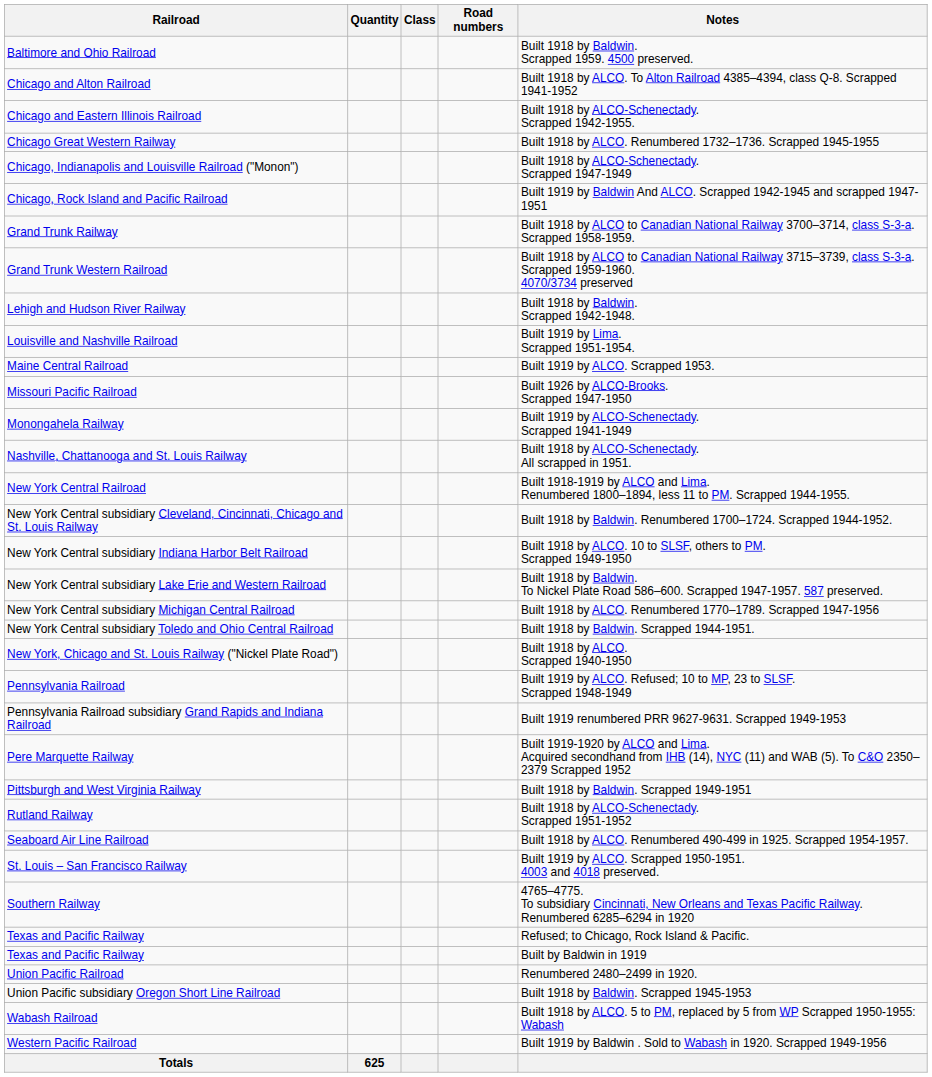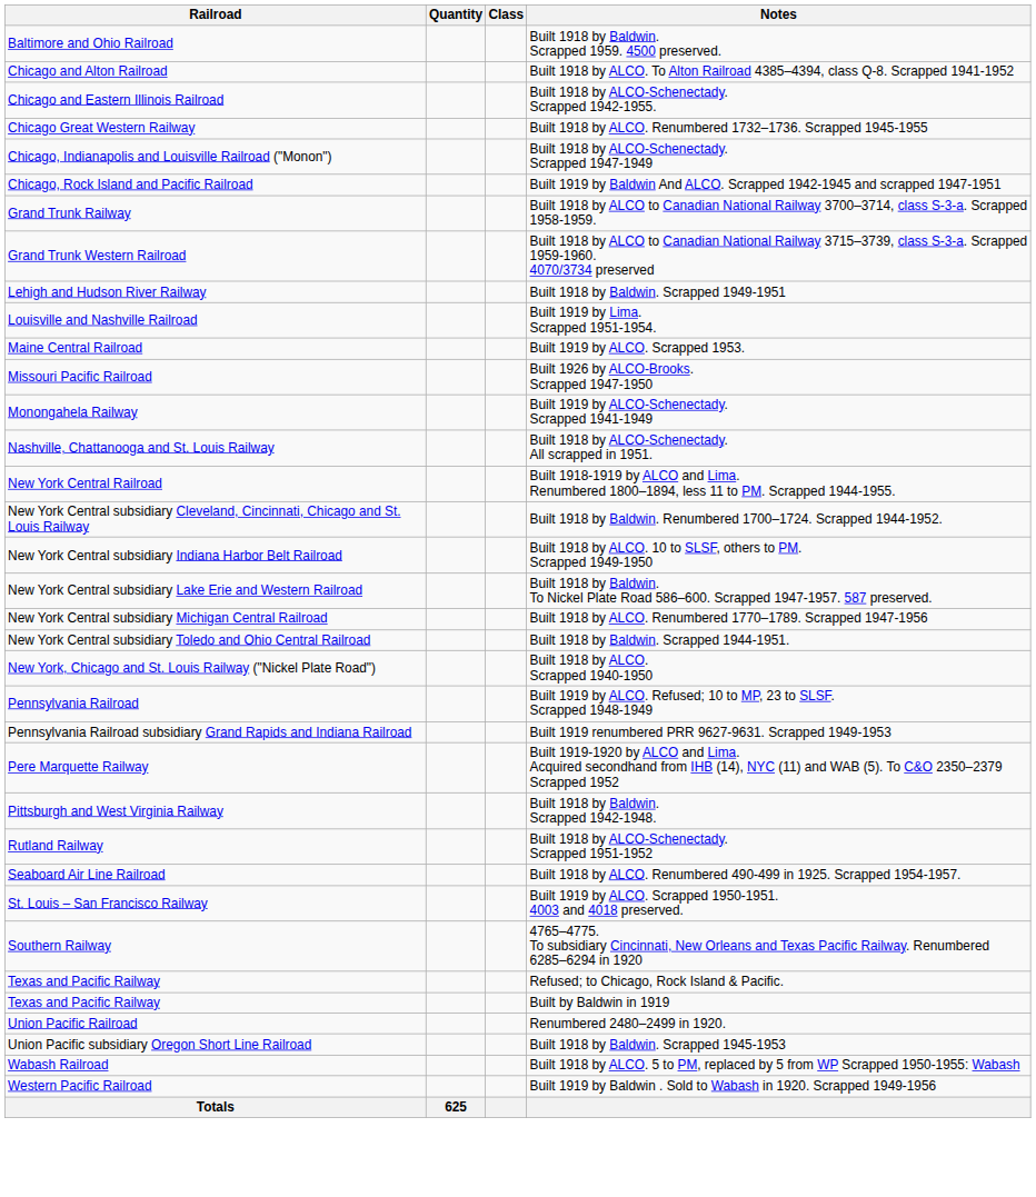 <table class="wikitable sortable">
 <tr>
 <th>Railroad</th>
 <th>Quantity</th>
 <th>Class</th>
-<th>Road numbers</th>
 <th>Notes</th>
 </tr>
 <tr>
 <td><a href='#'>Baltimore and Ohio Railroad</a></td>
-<td></td>
 <td></td>
 <td></td>
 <td> Built 1918 by <a href='#'>Baldwin</a>.<br>Scrapped 1959. <a href='#'>4500</a> preserved.</td>
 </tr>
 <tr>
 <td><a href='#'>Chicago and Alton Railroad</a></td>
 <td></td>
 <td></td>
-<td></td>
 <td>Built 1918 by <a href='#'>ALCO</a>. To <a href='#'>Alton Railroad</a> 4385–4394, class Q-8. Scrapped 1941-1952</td>
 </tr>
 <tr>
 <td><a href='#'>Chicago and Eastern Illinois Railroad</a></td>
-<td></td>
 <td></td>
 <td></td>
 <td> Built 1918 by <a href='#'>ALCO-Schenectady</a>.<br>Scrapped 1942-1955.</td>
 </tr>
 <tr>
 <td><a href='#'>Chicago Great Western Railway</a></td>
 <td></td>
 <td></td>
-<td></td>
 <td>Built 1918 by <a href='#'>ALCO</a>. Renumbered 1732–1736. Scrapped 1945-1955</td>
 </tr>
 <tr>
 <td><a href='#'>Chicago, Indianapolis and Louisville Railroad</a> ("Monon")</td>
-<td></td>
 <td></td>
 <td></td>
 <td> Built 1918 by <a href='#'>ALCO-Schenectady</a>.<br>Scrapped 1947-1949</td>
 </tr>
 <tr>
 <td><a href='#'>Chicago, Rock Island and Pacific Railroad</a></td>
 <td></td>
 <td></td>
-<td></td>
 <td> Built 1919 by <a href='#'>Baldwin</a> And <a href='#'>ALCO</a>. Scrapped 1942-1945 and scrapped 1947-1951</td>
 </tr>
 <tr>
 <td><a href='#'>Grand Trunk Railway</a></td>
-<td></td>
 <td></td>
 <td></td>
 <td>Built 1918 by <a href='#'>ALCO</a> to <a href='#'>Canadian National Railway</a> 3700–3714, <a href='#'>class S-3-a</a>. Scrapped 1958-1959.</td>
 </tr>
 <tr>
 <td><a href='#'>Grand Trunk Western Railroad</a></td>
 <td></td>
 <td></td>
-<td></td>
 <td>Built 1918 by <a href='#'>ALCO</a> to <a href='#'>Canadian National Railway</a> 3715–3739, <a href='#'>class S-3-a</a>. Scrapped 1959-1960.<br><a href='#'>4070/3734</a> preserved</td>
 </tr>
 <tr>
 <td><a href='#'>Lehigh and Hudson River Railway</a></td>
 <td></td>
 <td></td>
-<td></td>
-<td> Built 1918 by <a href='#'>Baldwin</a>.<br>Scrapped 1942-1948.</td>
+<td>Built 1918 by <a href='#'>Baldwin</a>. Scrapped 1949-1951</td>
 </tr>
 <tr>
 <td><a href='#'>Louisville and Nashville Railroad</a></td>
-<td></td>
 <td></td>
 <td></td>
 <td> Built 1919 by <a href='#'>Lima</a>.<br>Scrapped 1951-1954.</td>
 </tr>
 <tr>
 <td><a href='#'>Maine Central Railroad</a></td>
 <td></td>
 <td></td>
-<td></td>
 <td> Built 1919 by <a href='#'>ALCO</a>. Scrapped 1953.</td>
 </tr>
 <tr>
 <td><a href='#'>Missouri Pacific Railroad</a></td>
-<td></td>
 <td></td>
 <td></td>
 <td> Built 1926 by <a href='#'>ALCO-Brooks</a>.<br>Scrapped 1947-1950</td>
 </tr>
 <tr>
 <td><a href='#'>Monongahela Railway</a></td>
 <td></td>
 <td></td>
-<td></td>
 <td>Built 1919 by <a href='#'>ALCO-Schenectady</a>.<br>Scrapped 1941-1949</td>
 </tr>
 <tr>
 <td><a href='#'>Nashville, Chattanooga and St. Louis Railway</a></td>
-<td></td>
 <td></td>
 <td></td>
 <td> Built 1918 by <a href='#'>ALCO-Schenectady</a>.<br>All scrapped in 1951.</td>
 </tr>
 <tr>
 <td><a href='#'>New York Central Railroad</a></td>
 <td></td>
 <td></td>
-<td></td>
 <td>Built 1918-1919 by <a href='#'>ALCO</a> and <a href='#'>Lima</a>.<br>Renumbered 1800–1894, less 11 to <a href='#'>PM</a>. Scrapped 1944-1955.</td>
 </tr>
 <tr>
 <td>New York Central subsidiary <a href='#'>Cleveland, Cincinnati, Chicago and St. Louis Railway</a></td>
-<td></td>
 <td></td>
 <td></td>
 <td>Built 1918 by <a href='#'>Baldwin</a>. Renumbered 1700–1724. Scrapped 1944-1952.</td>
 </tr>
 <tr>
 <td>New York Central subsidiary <a href='#'>Indiana Harbor Belt Railroad</a></td>
 <td></td>
 <td></td>
-<td></td>
 <td> Built 1918 by <a href='#'>ALCO</a>. 10 to <a href='#'>SLSF</a>, others to <a href='#'>PM</a>.<br>Scrapped 1949-1950</td>
 </tr>
 <tr>
 <td>New York Central subsidiary <a href='#'>Lake Erie and Western Railroad</a></td>
-<td></td>
 <td></td>
 <td></td>
 <td>Built 1918 by <a href='#'>Baldwin</a>.<br>To Nickel Plate Road 586–600. Scrapped 1947-1957. <a href='#'>587</a> preserved.</td>
 </tr>
 <tr>
 <td>New York Central subsidiary <a href='#'>Michigan Central Railroad</a></td>
 <td></td>
 <td></td>
-<td></td>
 <td>Built 1918 by <a href='#'>ALCO</a>. Renumbered 1770–1789. Scrapped 1947-1956</td>
 </tr>
 <tr>
 <td>New York Central subsidiary <a href='#'>Toledo and Ohio Central Railroad</a></td>
-<td></td>
 <td></td>
 <td></td>
 <td> Built 1918 by <a href='#'>Baldwin</a>. Scrapped 1944-1951.</td>
 </tr>
 <tr>
 <td><a href='#'>New York, Chicago and St. Louis Railway</a> ("Nickel Plate Road")</td>
 <td></td>
 <td></td>
-<td></td>
 <td> Built 1918 by <a href='#'>ALCO</a>.<br>Scrapped 1940-1950</td>
 </tr>
 <tr>
 <td><a href='#'>Pennsylvania Railroad</a></td>
-<td></td>
 <td></td>
 <td></td>
 <td>Built 1919 by <a href='#'>ALCO</a>. Refused; 10 to <a href='#'>MP</a>, 23 to <a href='#'>SLSF</a>.<br>Scrapped 1948-1949</td>
 </tr>
 <tr>
 <td>Pennsylvania Railroad subsidiary <a href='#'>Grand Rapids and Indiana Railroad</a></td>
 <td></td>
 <td></td>
-<td></td>
 <td>Built 1919 renumbered PRR 9627-9631. Scrapped 1949-1953</td>
 </tr>
 <tr>
 <td><a href='#'>Pere Marquette Railway</a></td>
-<td></td>
 <td></td>
 <td></td>
 <td>Built 1919-1920 by <a href='#'>ALCO</a> and <a href='#'>Lima</a>.<br>Acquired secondhand from <a href='#'>IHB</a> (14), <a href='#'>NYC</a> (11) and WAB (5). To <a href='#'>C&O</a> 2350–2379 Scrapped 1952</td>
 </tr>
 <tr>
 <td><a href='#'>Pittsburgh and West Virginia Railway</a></td>
 <td></td>
 <td></td>
-<td></td>
-<td>Built 1918 by <a href='#'>Baldwin</a>. Scrapped 1949-1951</td>
+<td> Built 1918 by <a href='#'>Baldwin</a>.<br>Scrapped 1942-1948.</td>
 </tr>
 <tr>
 <td><a href='#'>Rutland Railway</a></td>
-<td></td>
 <td></td>
 <td></td>
 <td> Built 1918 by <a href='#'>ALCO-Schenectady</a>.<br>Scrapped 1951-1952</td>
 </tr>
 <tr>
 <td><a href='#'>Seaboard Air Line Railroad</a></td>
 <td></td>
 <td></td>
-<td></td>
 <td> Built 1918 by <a href='#'>ALCO</a>. Renumbered 490-499 in 1925. Scrapped 1954-1957.</td>
 </tr>
 <tr>
 <td><a href='#'>St. Louis – San Francisco Railway</a></td>
-<td></td>
 <td></td>
 <td></td>
 <td> Built 1919 by <a href='#'>ALCO</a>. Scrapped 1950-1951.<br><a href='#'>4003</a> and <a href='#'>4018</a> preserved.</td>
 </tr>
 <tr>
 <td><a href='#'>Southern Railway</a></td>
 <td></td>
 <td></td>
-<td></td>
 <td> 4765–4775.<br>To subsidiary <a href='#'>Cincinnati, New Orleans and Texas Pacific Railway</a>.  Renumbered 6285–6294 in 1920</td>
 </tr>
 <tr>
 <td><a href='#'>Texas and Pacific Railway</a></td>
-<td></td>
 <td></td>
 <td></td>
 <td>Refused; to Chicago, Rock Island & Pacific.</td>
 </tr>
 <tr>
 <td><a href='#'>Texas and Pacific Railway</a></td>
 <td></td>
 <td></td>
-<td></td>
 <td>Built by Baldwin in 1919</td>
 </tr>
 <tr>
 <td><a href='#'>Union Pacific Railroad</a></td>
-<td></td>
 <td></td>
 <td></td>
 <td> Renumbered 2480–2499 in 1920.</td>
 </tr>
 <tr>
 <td>Union Pacific subsidiary <a href='#'>Oregon Short Line Railroad</a></td>
 <td></td>
 <td></td>
-<td></td>
 <td>Built 1918 by <a href='#'>Baldwin</a>. Scrapped 1945-1953</td>
 </tr>
 <tr>
 <td><a href='#'>Wabash Railroad</a></td>
 <td></td>
 <td></td>
-<td></td>
 <td>Built 1918 by <a href='#'>ALCO</a>. 5 to <a href='#'>PM</a>, replaced by 5 from <a href='#'>WP</a> Scrapped 1950-1955: <a href='#'>Wabash</a></td>
 </tr>
 <tr>
 <td><a href='#'>Western Pacific Railroad</a></td>
-<td></td>
 <td></td>
 <td></td>
 <td>Built 1919 by Baldwin . Sold to <a href='#'>Wabash</a> in 1920. Scrapped 1949-1956</td>
 </tr>
 <tr>
 <th>Totals</th>
 <th>625</th>
 <th></th>
 <th></th>
-<th></th>
 </tr>
 </table>
